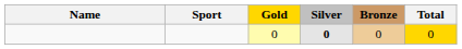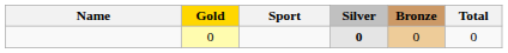 <table class="wikitable" style="text-align:center;">
 <tr>
 <th width=200>Name</th>
+<td bgcolor=gold width=60><strong>Gold</strong></td>
 <th width=100>Sport</th>
-<td bgcolor=gold width=60><strong>Gold</strong></td>
 <td bgcolor=silver width=60><strong>Silver</strong></td>
 <td bgcolor=#cc9966 width=60><strong>Bronze</strong></td>
 <th width=60>Total</th>
 </tr>
 <tr>
 <td align=left></td>
+<td bgcolor=#fffcaf>0</td>
 <td align=left></td>
-<td bgcolor=#fffcaf>0</td>
 <td bgcolor=#e5e5e5><strong>0</strong></td>
 <td bgcolor=#eecc99>0</td>
-<td style="background: gold;">0</td>
+<td>0</td>
 </tr>
 </table>
